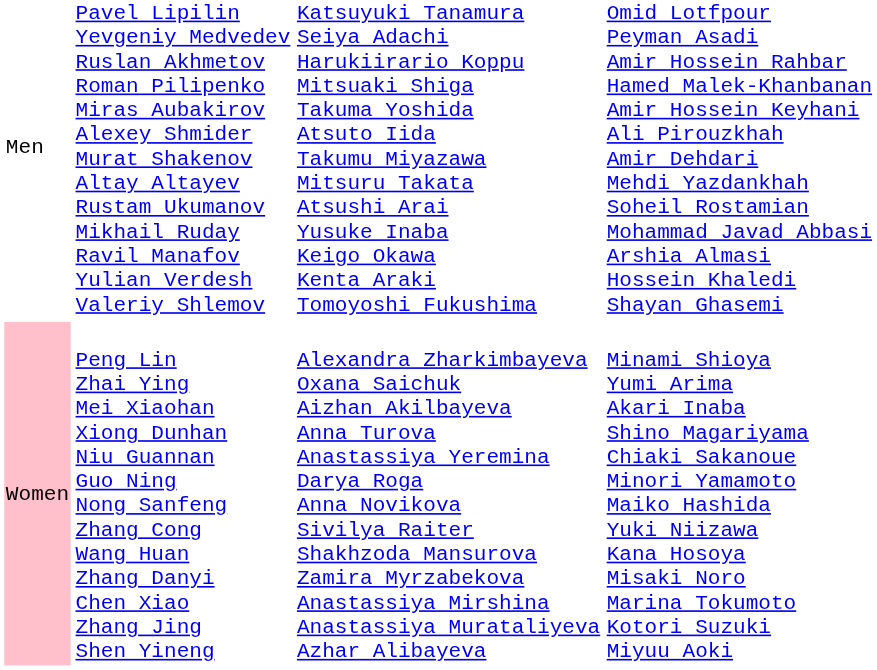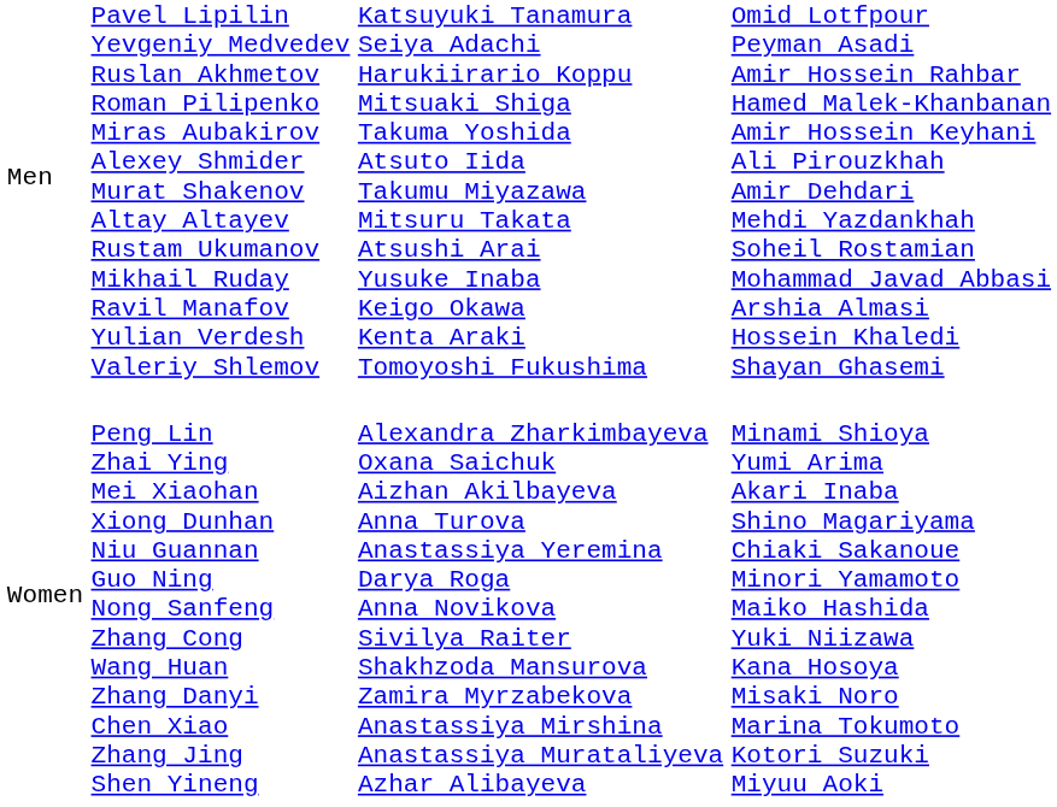 <table>
 <tr>
 <td>Men<br></td>
 <td><br><a href='#'>Pavel Lipilin</a><br><a href='#'>Yevgeniy Medvedev</a><br><a href='#'>Ruslan Akhmetov</a><br><a href='#'>Roman Pilipenko</a><br><a href='#'>Miras Aubakirov</a><br><a href='#'>Alexey Shmider</a><br><a href='#'>Murat Shakenov</a><br><a href='#'>Altay Altayev</a><br><a href='#'>Rustam Ukumanov</a><br><a href='#'>Mikhail Ruday</a><br><a href='#'>Ravil Manafov</a><br><a href='#'>Yulian Verdesh</a><br><a href='#'>Valeriy Shlemov</a></td>
 <td><br><a href='#'>Katsuyuki Tanamura</a><br><a href='#'>Seiya Adachi</a><br><a href='#'>Harukiirario Koppu</a><br><a href='#'>Mitsuaki Shiga</a><br><a href='#'>Takuma Yoshida</a><br><a href='#'>Atsuto Iida</a><br><a href='#'>Takumu Miyazawa</a><br><a href='#'>Mitsuru Takata</a><br><a href='#'>Atsushi Arai</a><br><a href='#'>Yusuke Inaba</a><br><a href='#'>Keigo Okawa</a><br><a href='#'>Kenta Araki</a><br><a href='#'>Tomoyoshi Fukushima</a></td>
 <td><br><a href='#'>Omid Lotfpour</a><br><a href='#'>Peyman Asadi</a><br><a href='#'>Amir Hossein Rahbar</a><br><a href='#'>Hamed Malek-Khanbanan</a><br><a href='#'>Amir Hossein Keyhani</a><br><a href='#'>Ali Pirouzkhah</a><br><a href='#'>Amir Dehdari</a><br><a href='#'>Mehdi Yazdankhah</a><br><a href='#'>Soheil Rostamian</a><br><a href='#'>Mohammad Javad Abbasi</a><br><a href='#'>Arshia Almasi</a><br><a href='#'>Hossein Khaledi</a><br><a href='#'>Shayan Ghasemi</a></td>
 </tr>
 <tr>
-<td style="background: pink;">Women<br></td>
+<td>Women<br></td>
 <td><br><a href='#'>Peng Lin</a><br><a href='#'>Zhai Ying</a><br><a href='#'>Mei Xiaohan</a><br><a href='#'>Xiong Dunhan</a><br><a href='#'>Niu Guannan</a><br><a href='#'>Guo Ning</a><br><a href='#'>Nong Sanfeng</a><br><a href='#'>Zhang Cong</a><br><a href='#'>Wang Huan</a><br><a href='#'>Zhang Danyi</a><br><a href='#'>Chen Xiao</a><br><a href='#'>Zhang Jing</a><br><a href='#'>Shen Yineng</a></td>
 <td><br><a href='#'>Alexandra Zharkimbayeva</a><br><a href='#'>Oxana Saichuk</a><br><a href='#'>Aizhan Akilbayeva</a><br><a href='#'>Anna Turova</a><br><a href='#'>Anastassiya Yeremina</a><br><a href='#'>Darya Roga</a><br><a href='#'>Anna Novikova</a><br><a href='#'>Sivilya Raiter</a><br><a href='#'>Shakhzoda Mansurova</a><br><a href='#'>Zamira Myrzabekova</a><br><a href='#'>Anastassiya Mirshina</a><br><a href='#'>Anastassiya Murataliyeva</a><br><a href='#'>Azhar Alibayeva</a></td>
 <td><br><a href='#'>Minami Shioya</a><br><a href='#'>Yumi Arima</a><br><a href='#'>Akari Inaba</a><br><a href='#'>Shino Magariyama</a><br><a href='#'>Chiaki Sakanoue</a><br><a href='#'>Minori Yamamoto</a><br><a href='#'>Maiko Hashida</a><br><a href='#'>Yuki Niizawa</a><br><a href='#'>Kana Hosoya</a><br><a href='#'>Misaki Noro</a><br><a href='#'>Marina Tokumoto</a><br><a href='#'>Kotori Suzuki</a><br><a href='#'>Miyuu Aoki</a></td>
 </tr>
 </table>
